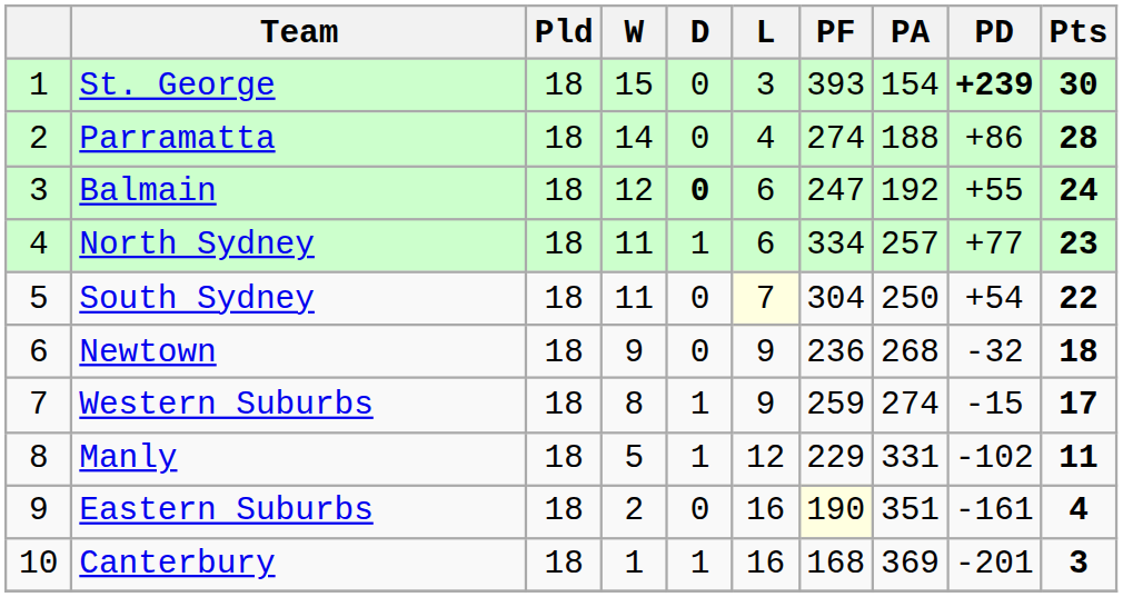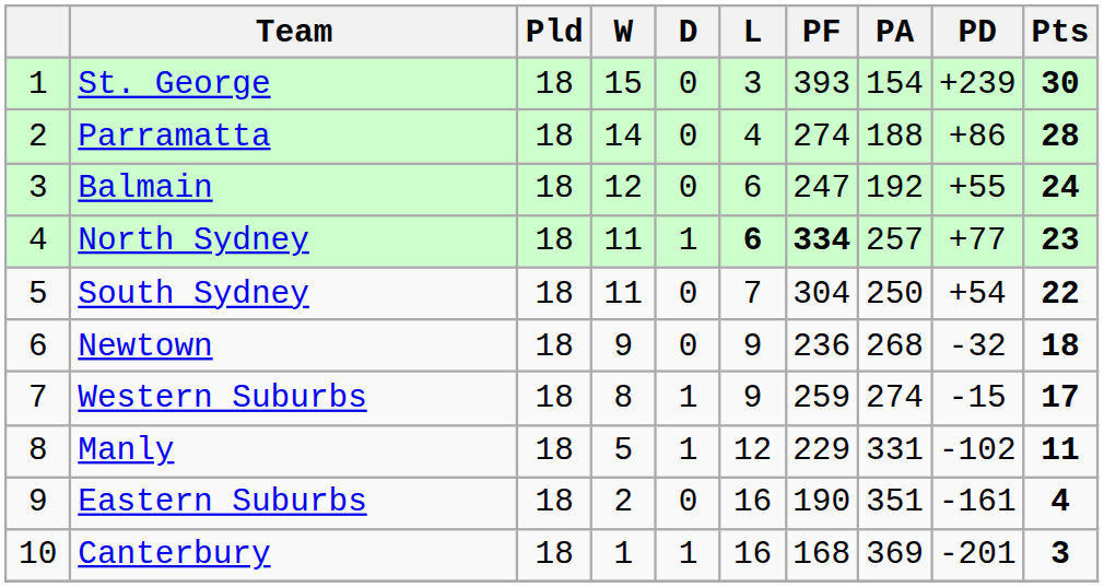 <table class="wikitable" style="text-align:center;">
 <tr>
 <th width=20 abbr="Position×"></th>
 <th width=175>Team</th>
 <th width=20 abbr="Played">Pld</th>
 <th width=20 abbr="Won">W</th>
 <th width=20 abbr="Drawn">D</th>
 <th width=20 abbr="Lost">L</th>
 <th width=20 abbr="Points for">PF</th>
 <th width=20 abbr="Points against">PA</th>
 <th width=20 abbr="Points difference">PD</th>
 <th width=20 abbr="Points">Pts</th>
 </tr>
 <tr style="background: #ccffcc;">
 <td>1</td>
 <td style="text-align:left;"> <a href='#'>St. George</a></td>
 <td>18</td>
 <td>15</td>
 <td>0</td>
 <td>3</td>
 <td>393</td>
 <td>154</td>
-<td><strong>+239</strong></td>
+<td>+239</td>
 <td><strong>30</strong></td>
 </tr>
 <tr style="background: #ccffcc;">
 <td>2</td>
 <td style="text-align:left;"> <a href='#'>Parramatta</a></td>
 <td>18</td>
 <td>14</td>
 <td>0</td>
 <td>4</td>
 <td>274</td>
 <td>188</td>
 <td>+86</td>
 <td><strong>28</strong></td>
 </tr>
 <tr style="background: #ccffcc;">
 <td>3</td>
 <td style="text-align:left;"> <a href='#'>Balmain</a></td>
 <td>18</td>
 <td>12</td>
-<td><strong>0</strong></td>
+<td>0</td>
 <td>6</td>
 <td>247</td>
 <td>192</td>
 <td>+55</td>
 <td><strong>24</strong></td>
 </tr>
 <tr style="background: #ccffcc;">
 <td>4</td>
 <td style="text-align:left;"> <a href='#'>North Sydney</a></td>
 <td>18</td>
 <td>11</td>
 <td>1</td>
-<td>6</td>
-<td>334</td>
+<td><strong>6</strong></td>
+<td><strong>334</strong></td>
 <td>257</td>
 <td>+77</td>
 <td><strong>23</strong></td>
 </tr>
 <tr>
 <td>5</td>
 <td style="text-align:left;"> <a href='#'>South Sydney</a></td>
 <td>18</td>
 <td>11</td>
 <td>0</td>
-<td style="background: lightyellow;">7</td>
+<td>7</td>
 <td>304</td>
 <td>250</td>
 <td>+54</td>
 <td><strong>22</strong></td>
 </tr>
 <tr>
 <td>6</td>
 <td style="text-align:left;"> <a href='#'>Newtown</a></td>
 <td>18</td>
 <td>9</td>
 <td>0</td>
 <td>9</td>
 <td>236</td>
 <td>268</td>
 <td>-32</td>
 <td><strong>18</strong></td>
 </tr>
 <tr>
 <td>7</td>
 <td style="text-align:left;"> <a href='#'>Western Suburbs</a></td>
 <td>18</td>
 <td>8</td>
 <td>1</td>
 <td>9</td>
 <td>259</td>
 <td>274</td>
 <td>-15</td>
 <td><strong>17</strong></td>
 </tr>
 <tr>
 <td>8</td>
 <td style="text-align:left;"> <a href='#'>Manly</a></td>
 <td>18</td>
 <td>5</td>
 <td>1</td>
 <td>12</td>
 <td>229</td>
 <td>331</td>
 <td>-102</td>
 <td><strong>11</strong></td>
 </tr>
 <tr>
 <td>9</td>
 <td style="text-align:left;"> <a href='#'>Eastern Suburbs</a></td>
 <td>18</td>
 <td>2</td>
 <td>0</td>
 <td>16</td>
-<td style="background: lightyellow;">190</td>
+<td>190</td>
 <td>351</td>
 <td>-161</td>
 <td><strong>4</strong></td>
 </tr>
 <tr>
 <td>10</td>
 <td style="text-align:left;"> <a href='#'>Canterbury</a></td>
 <td>18</td>
 <td>1</td>
 <td>1</td>
 <td>16</td>
 <td>168</td>
 <td>369</td>
 <td>-201</td>
 <td><strong>3</strong></td>
 </tr>
 <tr>
 </tr>
 </table>
